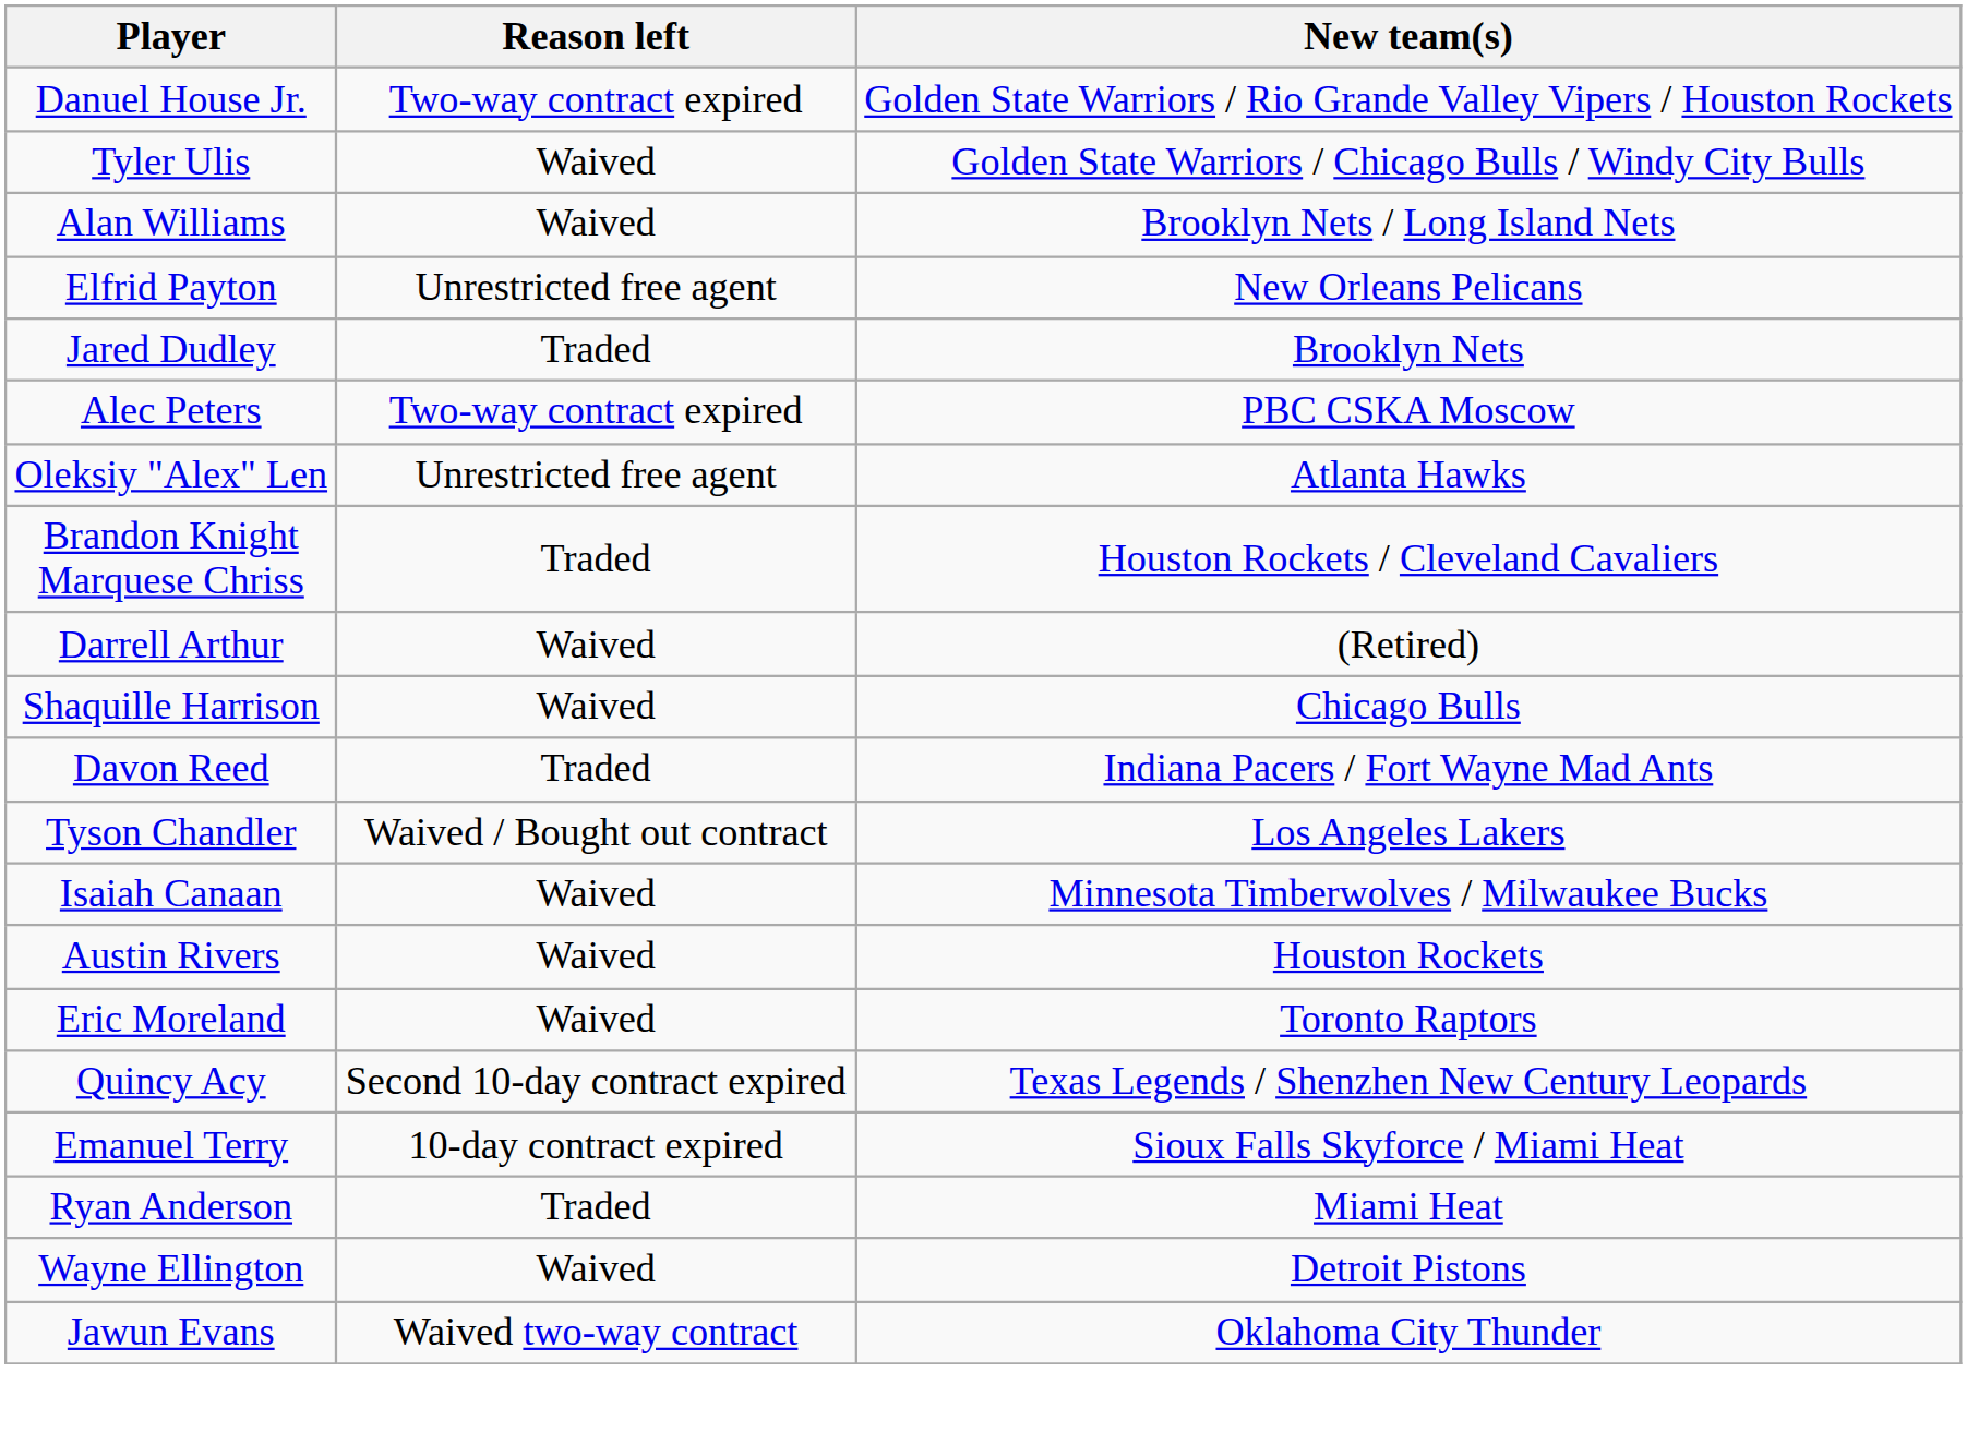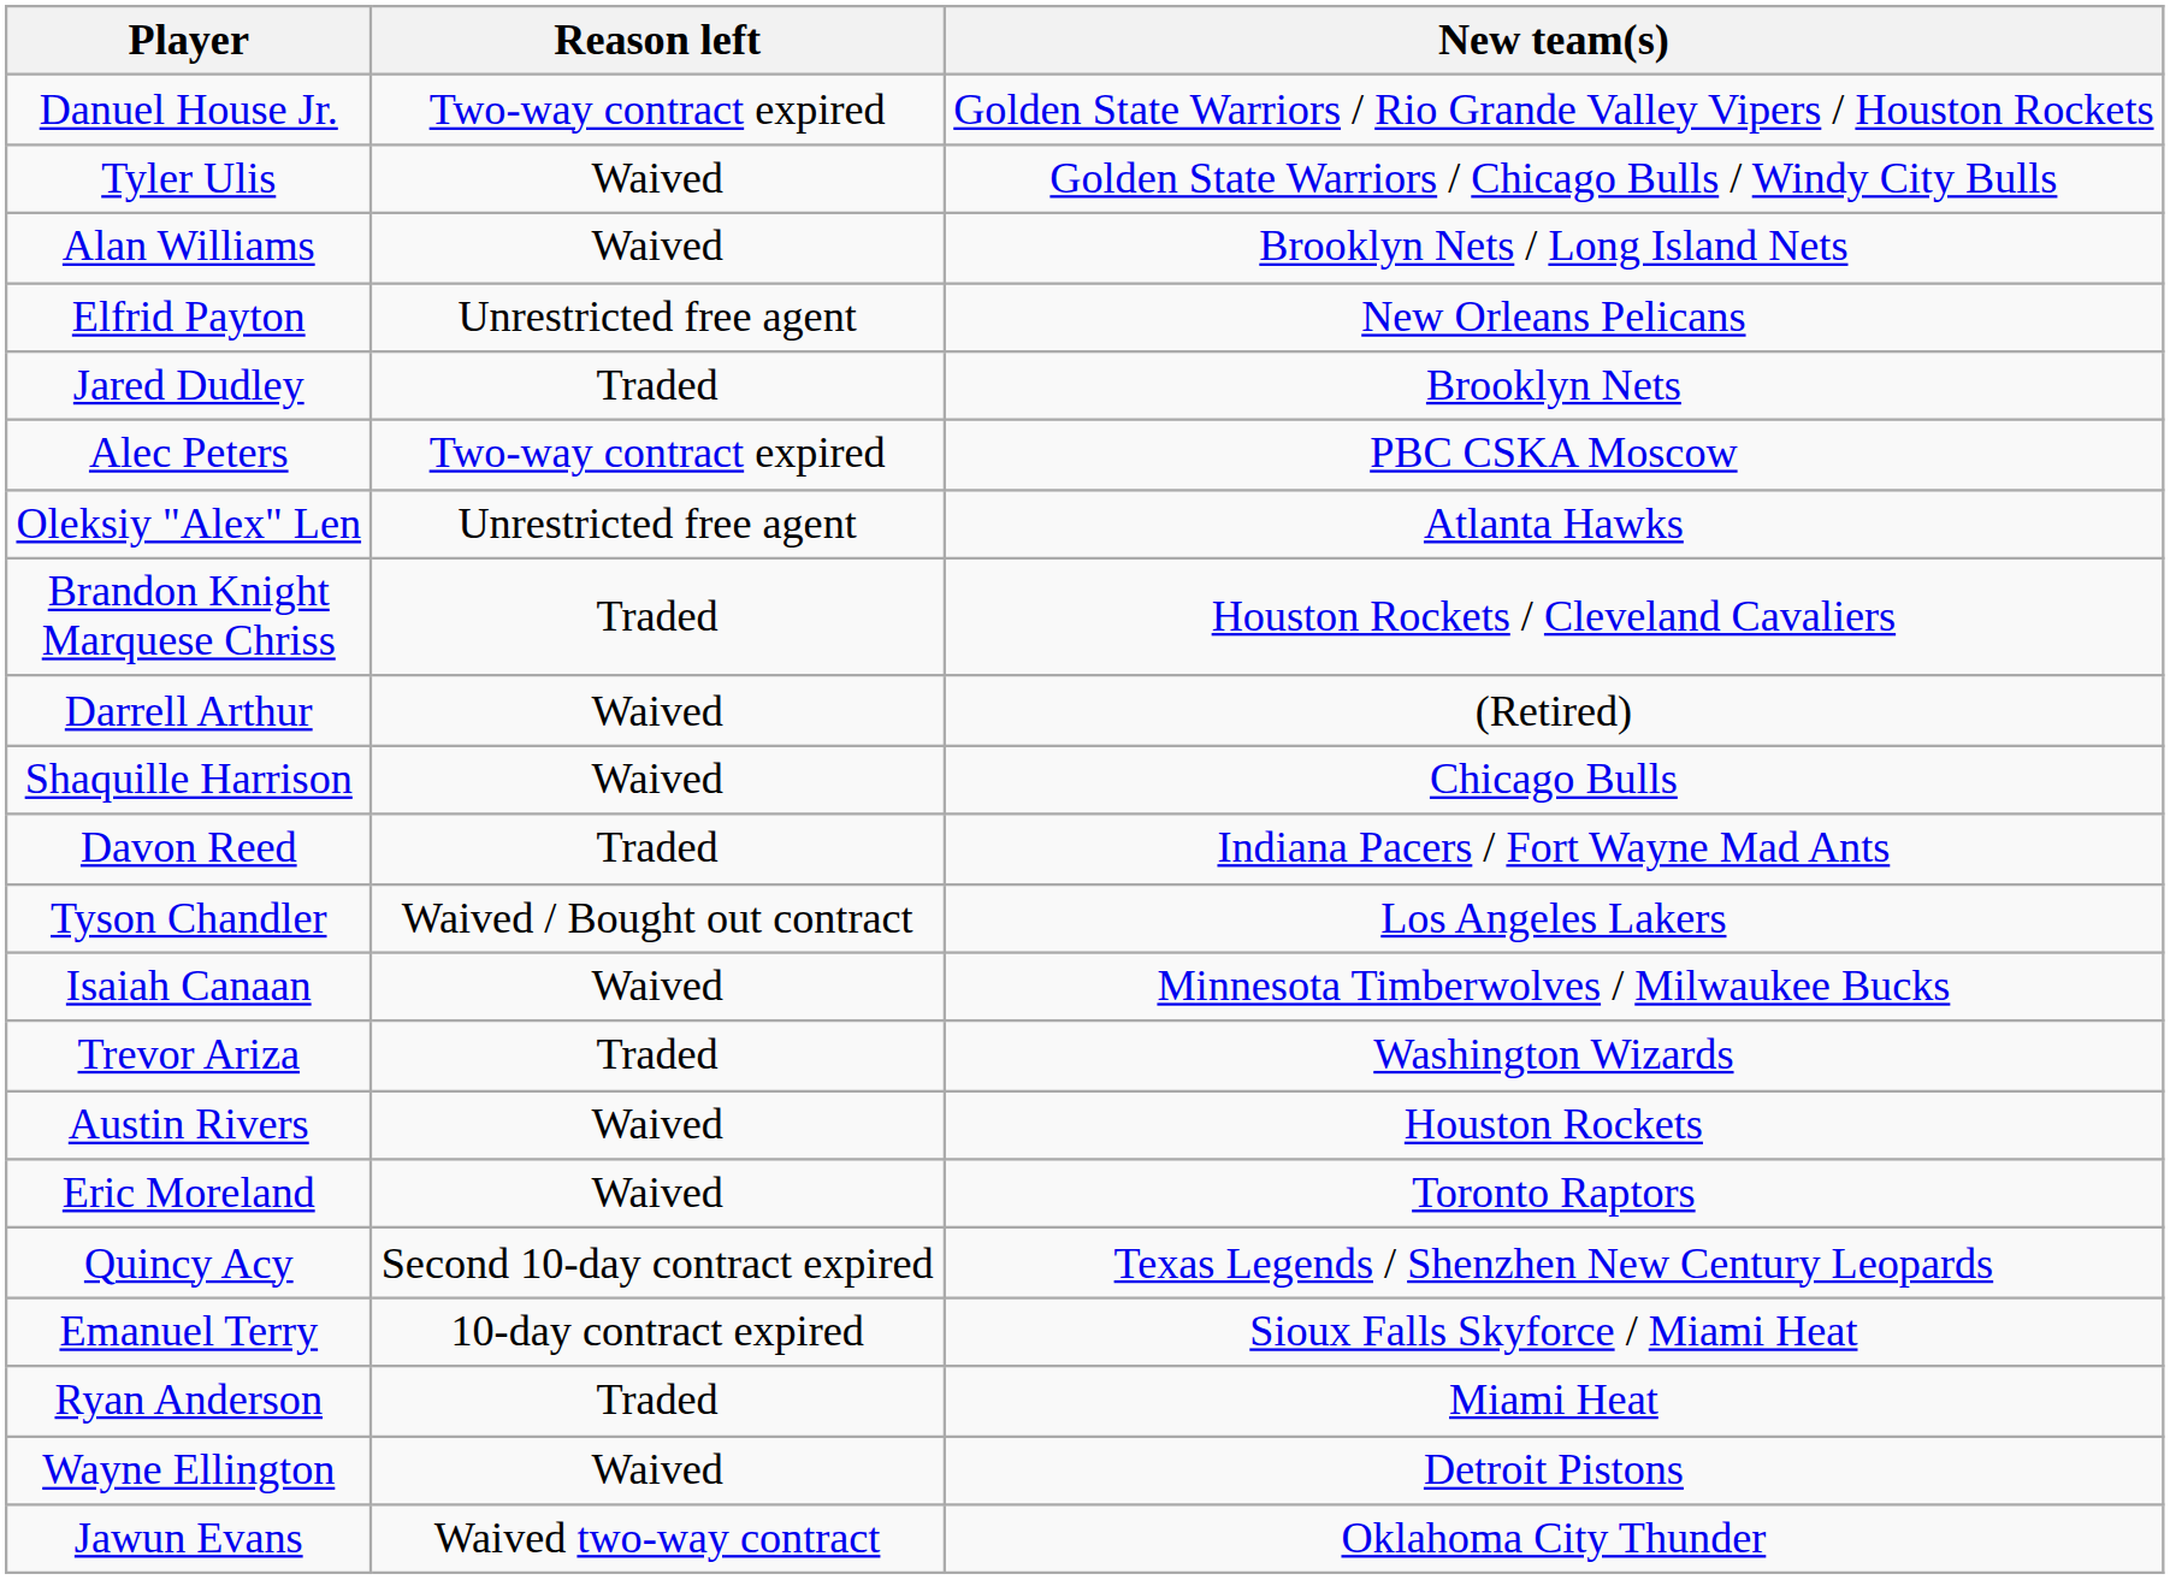 <table class="wikitable sortable sortable" style="text-align: center">
 <tr>
 <th>Player</th>
 <th>Reason left</th>
 <th>New team(s)</th>
 </tr>
 <tr>
 <td><a href='#'>Danuel House Jr.</a></td>
 <td><a href='#'>Two-way contract</a> expired</td>
 <td><a href='#'>Golden State Warriors</a> / <a href='#'>Rio Grande Valley Vipers</a> / <a href='#'>Houston Rockets</a></td>
 </tr>
 <tr>
 <td><a href='#'>Tyler Ulis</a></td>
 <td>Waived</td>
 <td><a href='#'>Golden State Warriors</a> / <a href='#'>Chicago Bulls</a> / <a href='#'>Windy City Bulls</a></td>
 </tr>
 <tr>
 <td><a href='#'>Alan Williams</a></td>
 <td>Waived</td>
 <td><a href='#'>Brooklyn Nets</a> / <a href='#'>Long Island Nets</a></td>
 </tr>
 <tr>
 <td><a href='#'>Elfrid Payton</a></td>
 <td>Unrestricted free agent</td>
 <td><a href='#'>New Orleans Pelicans</a></td>
 </tr>
 <tr>
 <td><a href='#'>Jared Dudley</a></td>
 <td>Traded</td>
 <td><a href='#'>Brooklyn Nets</a></td>
 </tr>
 <tr>
 <td><a href='#'>Alec Peters</a></td>
 <td><a href='#'>Two-way contract</a> expired</td>
 <td> <a href='#'>PBC CSKA Moscow</a></td>
 </tr>
 <tr>
 <td><a href='#'>Oleksiy "Alex" Len</a></td>
 <td>Unrestricted free agent</td>
 <td><a href='#'>Atlanta Hawks</a></td>
 </tr>
 <tr>
 <td><a href='#'>Brandon Knight</a><br><a href='#'>Marquese Chriss</a></td>
 <td>Traded</td>
 <td><a href='#'>Houston Rockets</a> / <a href='#'>Cleveland Cavaliers</a></td>
 </tr>
 <tr>
 <td><a href='#'>Darrell Arthur</a></td>
 <td>Waived</td>
 <td> (Retired)</td>
 </tr>
 <tr>
 <td><a href='#'>Shaquille Harrison</a></td>
 <td>Waived</td>
 <td><a href='#'>Chicago Bulls</a></td>
 </tr>
 <tr>
 <td><a href='#'>Davon Reed</a></td>
 <td>Traded</td>
 <td><a href='#'>Indiana Pacers</a> / <a href='#'>Fort Wayne Mad Ants</a></td>
 </tr>
 <tr>
 <td><a href='#'>Tyson Chandler</a></td>
 <td>Waived / Bought out contract</td>
 <td><a href='#'>Los Angeles Lakers</a></td>
 </tr>
 <tr>
 <td><a href='#'>Isaiah Canaan</a></td>
 <td>Waived</td>
 <td><a href='#'>Minnesota Timberwolves</a> / <a href='#'>Milwaukee Bucks</a></td>
 </tr>
 <tr>
+<td><a href='#'>Trevor Ariza</a></td>
+<td>Traded</td>
+<td><a href='#'>Washington Wizards</a></td>
+</tr>
+<tr>
 <td><a href='#'>Austin Rivers</a></td>
 <td>Waived</td>
 <td><a href='#'>Houston Rockets</a></td>
 </tr>
 <tr>
 <td><a href='#'>Eric Moreland</a></td>
 <td>Waived</td>
 <td> <a href='#'><span>Toronto Raptors</span></a></td>
 </tr>
 <tr>
 <td><a href='#'>Quincy Acy</a></td>
 <td>Second 10-day contract expired</td>
 <td><a href='#'>Texas Legends</a> /  <a href='#'>Shenzhen New Century Leopards</a></td>
 </tr>
 <tr>
 <td><a href='#'>Emanuel Terry</a></td>
 <td>10-day contract expired</td>
 <td><a href='#'>Sioux Falls Skyforce</a> / <a href='#'>Miami Heat</a></td>
 </tr>
 <tr>
 <td><a href='#'>Ryan Anderson</a></td>
 <td>Traded</td>
 <td><a href='#'>Miami Heat</a></td>
 </tr>
 <tr>
 <td><a href='#'>Wayne Ellington</a></td>
 <td>Waived</td>
 <td><a href='#'>Detroit Pistons</a></td>
 </tr>
 <tr>
 <td><a href='#'>Jawun Evans</a></td>
 <td>Waived <a href='#'>two-way contract</a></td>
 <td><a href='#'>Oklahoma City Thunder</a></td>
 </tr>
 </table>
